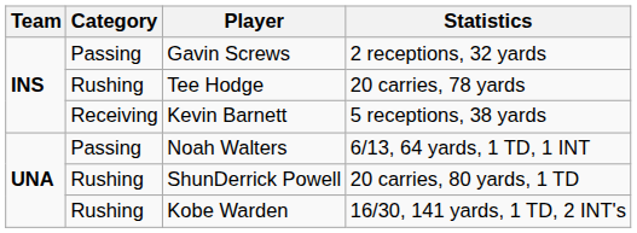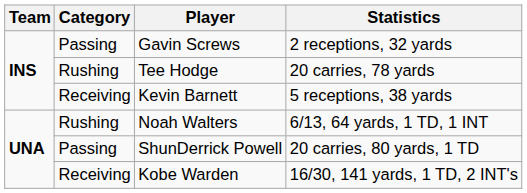 <table class="wikitable" style="float: right;">
 <tr>
 <th>Team</th>
 <th>Category</th>
 <th>Player</th>
 <th>Statistics</th>
 </tr>
 <tr>
 <td rowspan=3><strong>INS</strong></td>
 <td>Passing</td>
 <td>Gavin Screws</td>
 <td>2 receptions, 32 yards</td>
 </tr>
 <tr>
 <td>Rushing</td>
 <td>Tee Hodge</td>
 <td>20 carries, 78 yards</td>
 </tr>
 <tr>
 <td>Receiving</td>
 <td>Kevin Barnett</td>
 <td>5 receptions, 38 yards</td>
 </tr>
 <tr>
 <td rowspan=3><strong>UNA</strong></td>
-<td>Passing</td>
+<td>Rushing</td>
 <td>Noah Walters</td>
 <td>6/13, 64 yards, 1 TD, 1 INT</td>
 </tr>
 <tr>
-<td>Rushing</td>
+<td>Passing</td>
 <td>ShunDerrick Powell</td>
 <td>20 carries, 80 yards, 1 TD</td>
 </tr>
 <tr>
-<td>Rushing</td>
+<td>Receiving</td>
 <td>Kobe Warden</td>
 <td>16/30, 141 yards, 1 TD, 2 INT's</td>
 </tr>
 </table>
